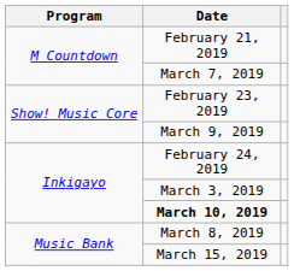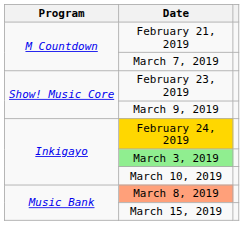 <table class="sortable wikitable" style="text-align:center;">
 <tr>
 <th width="130">Program</th>
 <th width="130">Date</th>
 <th class="unsortable"></th>
 </tr>
 <tr>
 <td rowspan="2"><em><a href='#'>M Countdown</a></em></td>
 <td>February 21, 2019</td>
 <td></td>
 </tr>
 <tr>
 <td>March 7, 2019</td>
 <td></td>
 </tr>
 <tr>
 <td rowspan="2"><em><a href='#'>Show! Music Core</a></em></td>
 <td>February 23, 2019</td>
 <td></td>
 </tr>
 <tr>
 <td>March 9, 2019</td>
 <td></td>
 </tr>
 <tr>
 <td rowspan="3"><em><a href='#'>Inkigayo</a></em></td>
-<td>February 24, 2019</td>
+<td style="background: gold;">February 24, 2019</td>
 <td></td>
 </tr>
 <tr>
-<td>March 3, 2019</td>
+<td style="background: lightgreen;">March 3, 2019</td>
 <td></td>
 </tr>
 <tr>
-<td><strong>March 10, 2019</strong></td>
+<td>March 10, 2019</td>
 <td></td>
 </tr>
 <tr>
 <td rowspan="2"><em><a href='#'>Music Bank</a></em></td>
-<td>March 8, 2019</td>
+<td style="background: lightsalmon;">March 8, 2019</td>
 <td></td>
 </tr>
 <tr>
 <td>March 15, 2019</td>
 <td></td>
 </tr>
 </table>
